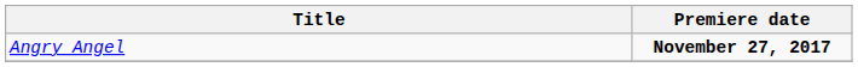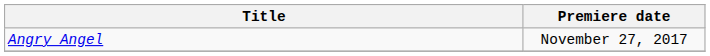 <table class="wikitable plainrowheaders sortable" style="width:50%;text-align:center;">
 <tr>
 <th scope="col" style="width:40%;">Title</th>
 <th scope="col" style="width:14%;">Premiere date</th>
 </tr>
 <tr>
 <td scope="row" style="text-align:left;"><em><a href='#'>Angry Angel</a></em></td>
-<td><strong>November 27, 2017</strong></td>
+<td>November 27, 2017</td>
 </tr>
 <tr>
 </tr>
 </table>
